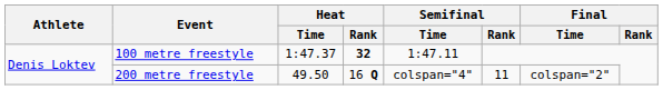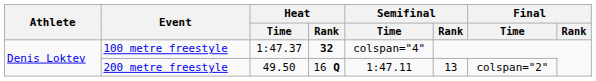 <table class="wikitable" style="text-align:center; font-size:90%; width:50%;">
 <tr>
 <th rowspan="2">Athlete</th>
 <th rowspan="2">Event</th>
 <th colspan="2">Heat</th>
 <th colspan="2">Semifinal</th>
 <th colspan="2">Final</th>
 </tr>
 <tr style="font-size:95%">
 <th>Time</th>
 <th>Rank</th>
 <th>Time</th>
 <th>Rank</th>
 <th>Time</th>
 <th>Rank</th>
 </tr>
 <tr align=center>
 <td align=left rowspan="2"><a href='#'>Denis Loktev</a></td>
 <td align=left><a href='#'>100 metre freestyle</a></td>
 <td>1:47.37</td>
 <td><strong>32</strong></td>
-<td>1:47.11</td>
+<td>colspan="4" </td>
 </tr>
 <tr align=center>
 <td align=left><a href='#'>200 metre freestyle</a></td>
 <td>49.50</td>
 <td>16 <strong>Q</strong></td>
-<td>colspan="4" </td>
-<td>11</td>
+<td>1:47.11</td>
+<td>13</td>
 <td>colspan="2" </td>
 </tr>
 </table>
